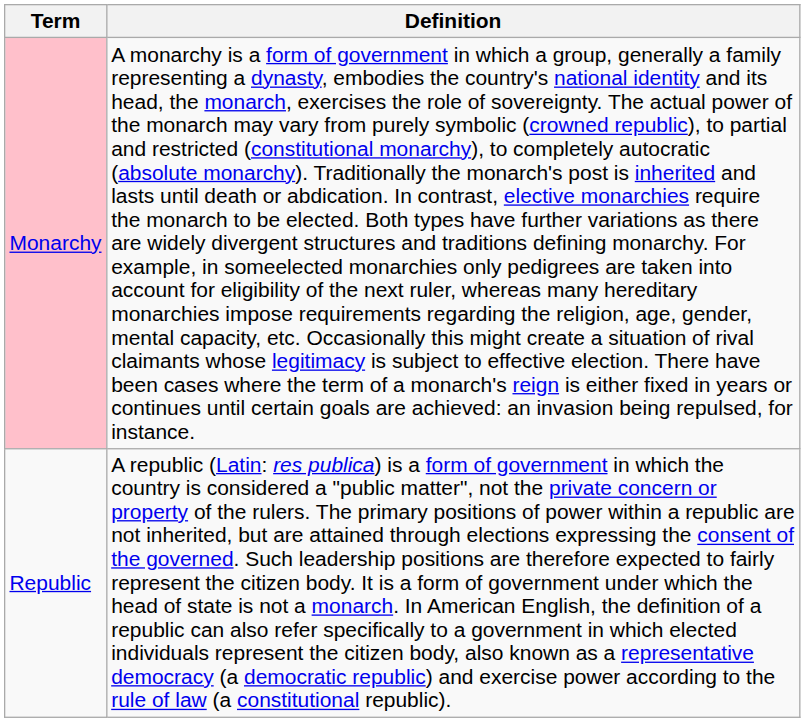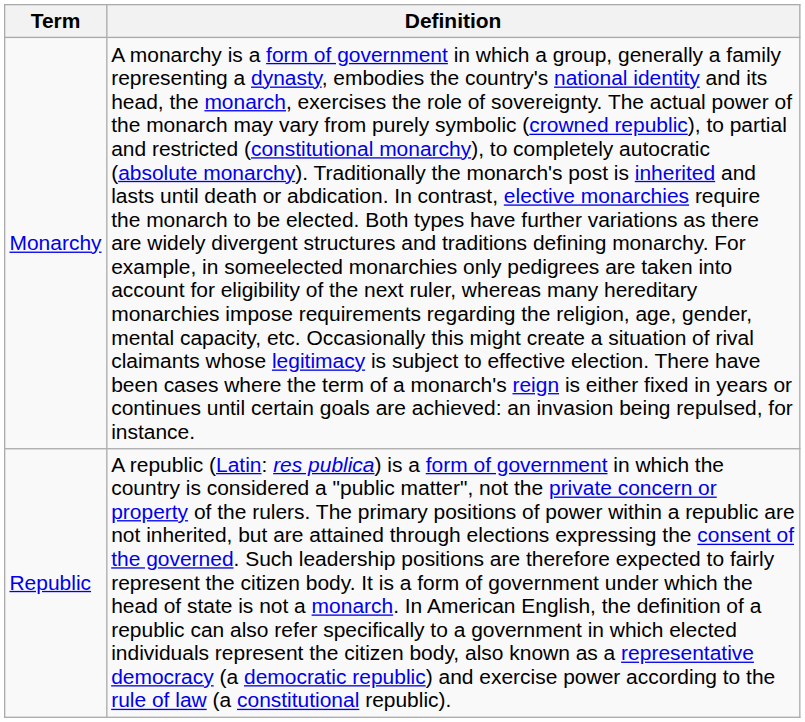 <table class="wikitable">
 <tr>
 <th>Term</th>
 <th>Definition</th>
 </tr>
 <tr>
-<td style="background: pink;"><a href='#'>Monarchy</a></td>
+<td><a href='#'>Monarchy</a></td>
 <td>A monarchy is a <a href='#'>form of government</a> in which a group, generally a family representing a <a href='#'>dynasty</a>, embodies the country's <a href='#'>national identity</a> and its head, the <a href='#'>monarch</a>, exercises the role of sovereignty. The actual power of the monarch may vary from purely symbolic (<a href='#'>crowned republic</a>), to partial and restricted (<a href='#'>constitutional monarchy</a>), to completely autocratic (<a href='#'>absolute monarchy</a>). Traditionally the monarch's post is <a href='#'>inherited</a> and lasts until death or abdication. In contrast, <a href='#'>elective monarchies</a> require the monarch to be elected. Both types have further variations as there are widely divergent structures and traditions defining monarchy. For example, in someelected monarchies only pedigrees are taken into account for eligibility of the next ruler, whereas many hereditary monarchies impose requirements regarding the religion, age, gender, mental capacity, etc. Occasionally this might create a situation of rival claimants whose <a href='#'>legitimacy</a> is subject to effective election. There have been cases where the term of a monarch's <a href='#'>reign</a> is either fixed in years or continues until certain goals are achieved: an invasion being repulsed, for instance.</td>
 </tr>
 <tr>
 <td><a href='#'>Republic</a></td>
 <td>A republic (<a href='#'>Latin</a>: <em><a href='#'>res publica</a></em>) is a <a href='#'>form of government</a> in which the country is considered a "public matter", not the <a href='#'>private concern or property</a> of the rulers. The primary positions of power within a republic are not inherited, but are attained through elections expressing the <a href='#'>consent of the governed</a>. Such leadership positions are therefore expected to fairly represent the citizen body. It is a form of government under which the head of state is not a <a href='#'>monarch</a>. In American English, the definition of a republic can also refer specifically to a government in which elected individuals represent the citizen body, also known as a <a href='#'>representative democracy</a> (a <a href='#'>democratic republic</a>) and exercise power according to the <a href='#'>rule of law</a> (a <a href='#'>constitutional</a> republic).</td>
 </tr>
 </table>
